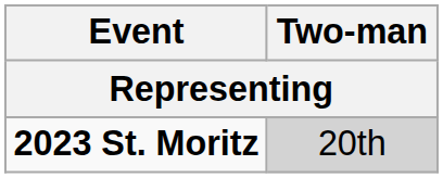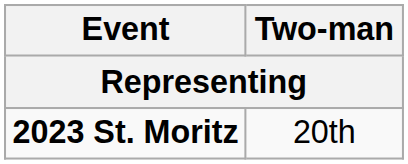 <table class="wikitable" style="text-align: center;">
 <tr>
 <th>Event</th>
 <th style="width:70px;">Two-man</th>
 </tr>
 <tr>
 <th colspan="2">Representing </th>
 </tr>
 <tr>
 <td align="left"><strong>2023 St. Moritz</strong> </td>
-<td style="background: lightgrey;">20th</td>
+<td>20th</td>
 </tr>
 </table>
